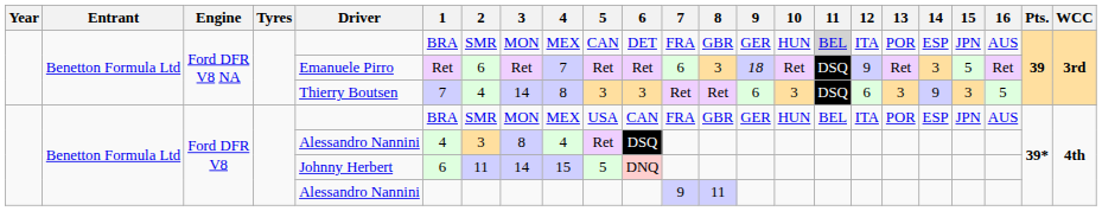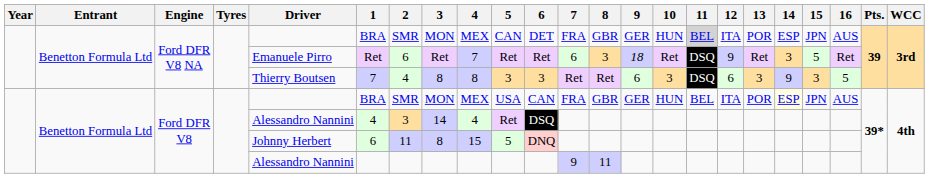 <table class="wikitable" style="text-align:center; font-size:95%">
 <tr>
 <th>Year</th>
 <th>Entrant</th>
 <th>Engine</th>
 <th>Tyres</th>
 <th>Driver</th>
 <th>1</th>
 <th>2</th>
 <th>3</th>
 <th>4</th>
 <th>5</th>
 <th>6</th>
 <th>7</th>
 <th>8</th>
 <th>9</th>
 <th>10</th>
 <th>11</th>
 <th>12</th>
 <th>13</th>
 <th>14</th>
 <th>15</th>
 <th>16</th>
 <th>Pts.</th>
 <th>WCC</th>
 </tr>
 <tr>
 <td rowspan="3"></td>
 <td rowspan="3"><a href='#'>Benetton Formula Ltd</a></td>
 <td rowspan="3"><a href='#'>Ford DFR</a><br><a href='#'>V8</a> <a href='#'>NA</a></td>
 <td rowspan="3"></td>
 <td></td>
 <td><a href='#'>BRA</a></td>
 <td><a href='#'>SMR</a></td>
 <td><a href='#'>MON</a></td>
 <td><a href='#'>MEX</a></td>
 <td><a href='#'>CAN</a></td>
 <td><a href='#'>DET</a></td>
 <td><a href='#'>FRA</a></td>
 <td><a href='#'>GBR</a></td>
 <td><a href='#'>GER</a></td>
 <td><a href='#'>HUN</a></td>
 <td style="background: lightgrey;"><a href='#'>BEL</a></td>
 <td><a href='#'>ITA</a></td>
 <td><a href='#'>POR</a></td>
 <td><a href='#'>ESP</a></td>
 <td><a href='#'>JPN</a></td>
 <td><a href='#'>AUS</a></td>
 <td rowspan="3" style="background:#ffdf9f;"><strong>39</strong></td>
 <td rowspan="3" style="background:#ffdf9f;"><strong>3rd</strong></td>
 </tr>
 <tr>
 <td align="left"><a href='#'>Emanuele Pirro</a></td>
 <td style="background:#efcfff;">Ret</td>
 <td style="background:#dfffdf;">6</td>
 <td style="background:#efcfff;">Ret</td>
 <td style="background:#cfcfff;">7</td>
 <td style="background:#efcfff;">Ret</td>
 <td style="background:#efcfff;">Ret</td>
 <td style="background:#dfffdf;">6</td>
 <td style="background:#ffdf9f;">3</td>
 <td style="background:#cfcfff;"><em>18</em></td>
 <td style="background:#efcfff;">Ret</td>
 <td style="background:#000; color:white;">DSQ</td>
 <td style="background:#cfcfff;">9</td>
 <td style="background:#efcfff;">Ret</td>
 <td style="background:#ffdf9f;">3</td>
 <td style="background:#dfffdf;">5</td>
 <td style="background:#efcfff;">Ret</td>
 </tr>
 <tr>
 <td align="left"><a href='#'>Thierry Boutsen</a></td>
 <td style="background:#cfcfff;">7</td>
 <td style="background:#dfffdf;">4</td>
-<td style="background:#cfcfff;">14</td>
+<td style="background:#cfcfff;">8</td>
 <td style="background:#cfcfff;">8</td>
 <td style="background:#ffdf9f;">3</td>
 <td style="background:#ffdf9f;">3</td>
 <td style="background:#efcfff;">Ret</td>
 <td style="background:#efcfff;">Ret</td>
 <td style="background:#dfffdf;">6</td>
 <td style="background:#ffdf9f;">3</td>
 <td style="background:#000; color:white;">DSQ</td>
 <td style="background:#dfffdf;">6</td>
 <td style="background:#ffdf9f;">3</td>
 <td style="background:#cfcfff;">9</td>
 <td style="background:#ffdf9f;">3</td>
 <td style="background:#dfffdf;">5</td>
 </tr>
 <tr>
 <td rowspan="4"></td>
 <td rowspan="4"><a href='#'>Benetton Formula Ltd</a></td>
 <td rowspan="4"><a href='#'>Ford DFR</a><br><a href='#'>V8</a></td>
 <td rowspan="4"></td>
 <td></td>
 <td><a href='#'>BRA</a></td>
 <td><a href='#'>SMR</a></td>
 <td><a href='#'>MON</a></td>
 <td><a href='#'>MEX</a></td>
 <td><a href='#'>USA</a></td>
 <td><a href='#'>CAN</a></td>
 <td><a href='#'>FRA</a></td>
 <td><a href='#'>GBR</a></td>
 <td><a href='#'>GER</a></td>
 <td><a href='#'>HUN</a></td>
 <td><a href='#'>BEL</a></td>
 <td><a href='#'>ITA</a></td>
 <td><a href='#'>POR</a></td>
-<td><a href='#'>ESP</a></td>
+<td style="background: lightyellow;"><a href='#'>ESP</a></td>
 <td><a href='#'>JPN</a></td>
 <td><a href='#'>AUS</a></td>
 <td rowspan="4"><strong>39*</strong></td>
 <td rowspan="4"><strong>4th</strong></td>
 </tr>
 <tr>
 <td align="left"><a href='#'>Alessandro Nannini</a></td>
 <td style="background:#dfffdf;">4</td>
 <td style="background:#ffdf9f;">3</td>
-<td style="background:#cfcfff;">8</td>
+<td style="background:#cfcfff;">14</td>
 <td style="background:#dfffdf;">4</td>
 <td style="background:#efcfff;">Ret</td>
 <td style="background:#000; color:white;">DSQ</td>
 <td></td>
 <td></td>
 <td></td>
 <td></td>
 <td></td>
 <td></td>
 <td></td>
 <td></td>
 <td></td>
 <td></td>
 </tr>
 <tr>
 <td align="left"><a href='#'>Johnny Herbert</a></td>
 <td style="background:#dfffdf;">6</td>
 <td style="background:#cfcfff;">11</td>
-<td style="background:#cfcfff;">14</td>
+<td style="background:#cfcfff;">8</td>
 <td style="background:#cfcfff;">15</td>
 <td style="background:#dfffdf;">5</td>
 <td style="background:#ffcfcf;">DNQ</td>
 <td></td>
 <td></td>
 <td></td>
 <td></td>
 <td></td>
 <td></td>
 <td></td>
 <td></td>
 <td></td>
 <td></td>
 </tr>
 <tr>
 <td align="left"><a href='#'>Alessandro Nannini</a></td>
 <td></td>
 <td></td>
 <td></td>
 <td></td>
 <td></td>
 <td></td>
 <td style="background:#cfcfff;">9</td>
 <td style="background:#cfcfff;">11</td>
 <td></td>
 <td></td>
 <td></td>
 <td></td>
 <td></td>
 <td></td>
 <td></td>
 <td></td>
 </tr>
 </table>
